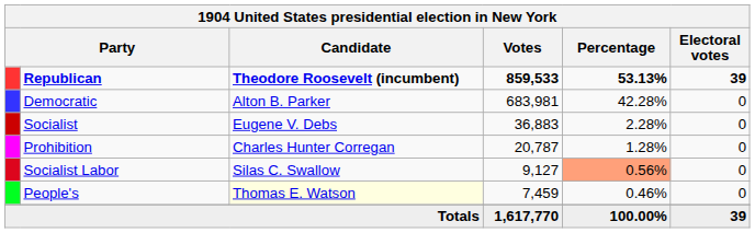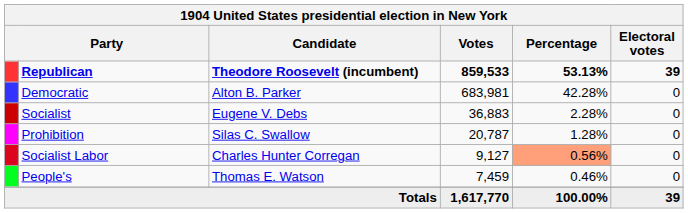 <table class="wikitable" style="font-size: 95%;">
 <tr>
 <th colspan="6">1904 United States presidential election in New York</th>
 </tr>
 <tr>
 <th colspan="2" style="width: 15em">Party</th>
 <th style="width: 17em">Candidate</th>
 <th style="width: 5em">Votes</th>
 <th style="width: 7em">Percentage</th>
 <th style="width: 5em">Electoral votes</th>
 </tr>
 <tr>
 <th style="background-color:#FF3333; width: 3px"></th>
 <td style="width: 130px"><strong><a href='#'>Republican</a></strong></td>
 <td><strong><a href='#'>Theodore Roosevelt</a> (incumbent)</strong></td>
 <td align="right"><strong>859,533</strong></td>
 <td align="right"><strong>53.13%</strong></td>
 <td align="right"><strong>39</strong></td>
 </tr>
 <tr>
 <th style="background-color:#3333FF; width: 3px"></th>
 <td style="width: 130px"><a href='#'>Democratic</a></td>
 <td><a href='#'>Alton B. Parker</a></td>
 <td align="right">683,981</td>
 <td align="right">42.28%</td>
 <td align="right">0</td>
 </tr>
 <tr>
 <th style="background-color:#CC0000; width: 3px"></th>
 <td style="width: 130px"><a href='#'>Socialist</a></td>
 <td><a href='#'>Eugene V. Debs</a></td>
 <td align="right">36,883</td>
 <td align="right">2.28%</td>
 <td align="right">0</td>
 </tr>
 <tr>
 <th style="background-color:#FF00FF; width: 3px"></th>
 <td style="width: 130px"><a href='#'>Prohibition</a></td>
-<td><a href='#'>Charles Hunter Corregan</a></td>
+<td><a href='#'>Silas C. Swallow</a></td>
 <td align="right">20,787</td>
 <td align="right">1.28%</td>
 <td align="right">0</td>
 </tr>
 <tr>
 <th style="background-color:#DD051D; width: 3px"></th>
 <td style="width: 130px"><a href='#'>Socialist Labor</a></td>
-<td><a href='#'>Silas C. Swallow</a></td>
+<td><a href='#'>Charles Hunter Corregan</a></td>
 <td align="right">9,127</td>
 <td align="right" style="background: lightsalmon;">0.56%</td>
 <td align="right">0</td>
 </tr>
 <tr>
 <th style="background-color:#00FF21; width: 3px"></th>
 <td style="width: 130px"><a href='#'>People's</a></td>
-<td style="background: lightyellow;"><a href='#'>Thomas E. Watson</a></td>
+<td><a href='#'>Thomas E. Watson</a></td>
 <td align="right">7,459</td>
 <td align="right">0.46%</td>
 <td align="right">0</td>
 </tr>
 <tr>
 </tr>
 <tr bgcolor="#EEEEEE">
 <td colspan="3" align="right"><strong>Totals</strong></td>
 <td align="right"><strong>1,617,770</strong></td>
 <td align="right"><strong>100.00%</strong></td>
 <td align="right"><strong>39</strong></td>
 </tr>
 </table>
